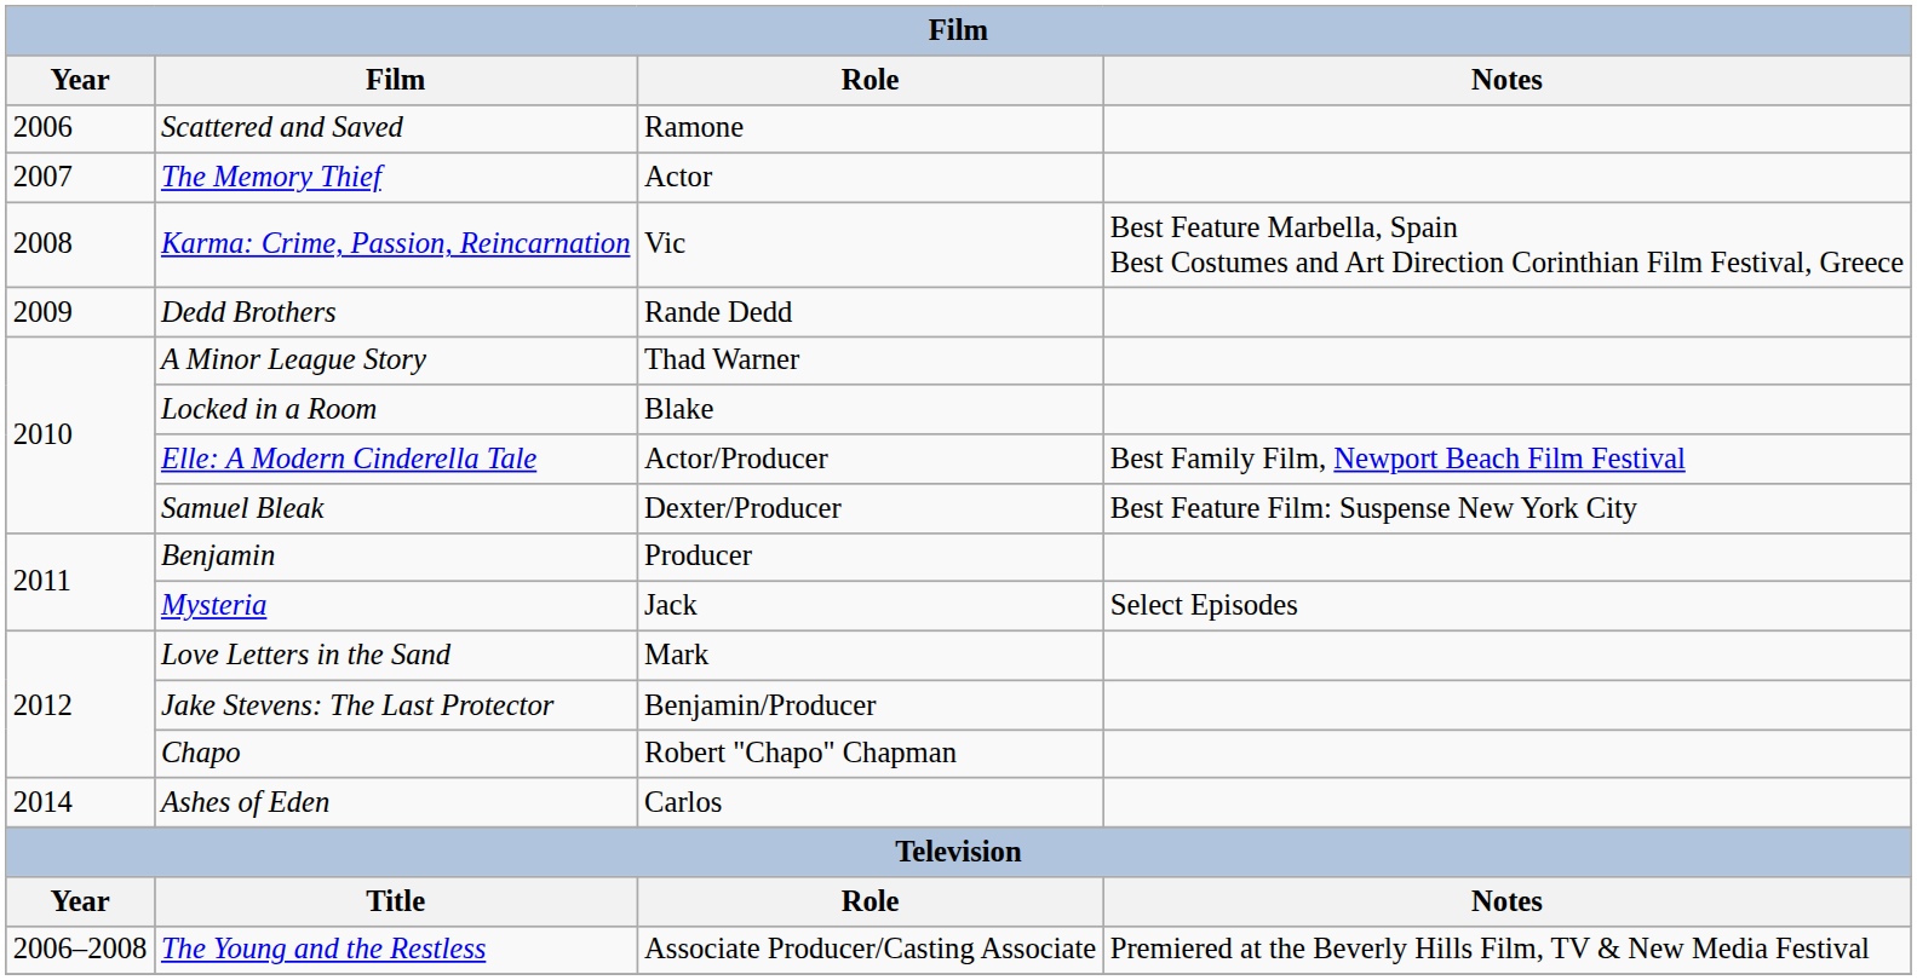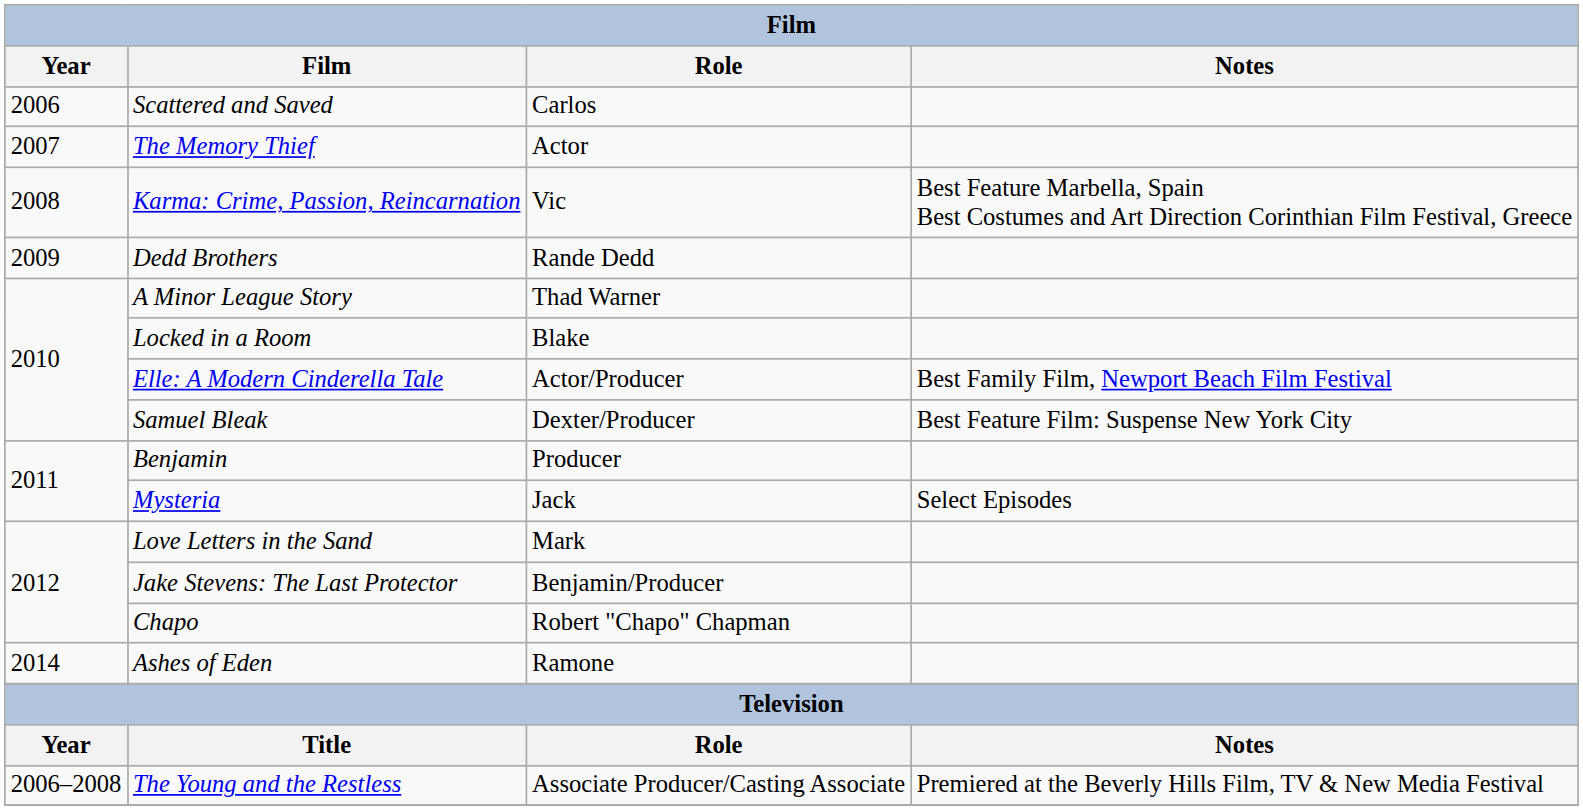 <table class="wikitable" style="font-size: 90%;">
 <tr>
 <th colspan="4" style="background: LightSteelBlue;">Film</th>
 </tr>
 <tr>
 <th>Year</th>
 <th>Film</th>
 <th>Role</th>
 <th>Notes</th>
 </tr>
 <tr>
 <td>2006</td>
 <td><em>Scattered and Saved</em></td>
-<td>Ramone</td>
+<td>Carlos</td>
 <td></td>
 </tr>
 <tr>
 <td>2007</td>
 <td><em><a href='#'>The Memory Thief</a></em></td>
 <td>Actor</td>
 <td></td>
 </tr>
 <tr>
 <td>2008</td>
 <td><em><a href='#'>Karma: Crime, Passion, Reincarnation</a></em></td>
 <td>Vic</td>
 <td>Best Feature Marbella, Spain <br> Best Costumes and Art Direction Corinthian Film Festival, Greece</td>
 </tr>
 <tr>
 <td>2009</td>
 <td><em>Dedd Brothers</em></td>
 <td>Rande Dedd</td>
 <td></td>
 </tr>
 <tr>
 <td rowspan="4">2010</td>
 <td><em>A Minor League Story</em></td>
 <td>Thad Warner</td>
 <td></td>
 </tr>
 <tr>
 <td><em>Locked in a Room</em></td>
 <td>Blake</td>
 <td></td>
 </tr>
 <tr>
 <td><em><a href='#'>Elle: A Modern Cinderella Tale</a></em></td>
 <td>Actor/Producer</td>
 <td>Best Family Film, <a href='#'>Newport Beach Film Festival</a></td>
 </tr>
 <tr>
 <td><em>Samuel Bleak</em></td>
 <td>Dexter/Producer</td>
 <td>Best Feature Film: Suspense New York City</td>
 </tr>
 <tr>
 <td rowspan="2">2011</td>
 <td><em>Benjamin</em></td>
 <td>Producer</td>
 <td></td>
 </tr>
 <tr>
 <td><em><a href='#'>Mysteria</a></em></td>
 <td>Jack</td>
 <td>Select Episodes</td>
 </tr>
 <tr>
 <td rowspan="3">2012</td>
 <td><em>Love Letters in the Sand</em></td>
 <td>Mark</td>
 <td></td>
 </tr>
 <tr>
 <td><em>Jake Stevens: The Last Protector</em></td>
 <td>Benjamin/Producer</td>
 <td></td>
 </tr>
 <tr>
 <td><em>Chapo</em></td>
 <td>Robert "Chapo" Chapman</td>
 <td></td>
 </tr>
 <tr>
 <td>2014</td>
 <td><em>Ashes of Eden</em></td>
-<td>Carlos</td>
+<td>Ramone</td>
 <td></td>
 </tr>
 <tr>
 </tr>
 <tr>
 <th colspan="4" style="background: LightSteelBlue;">Television</th>
 </tr>
 <tr>
 <th>Year</th>
 <th>Title</th>
 <th>Role</th>
 <th>Notes</th>
 </tr>
 <tr>
 <td>2006–2008</td>
 <td><em><a href='#'>The Young and the Restless</a></em></td>
 <td>Associate Producer/Casting Associate</td>
 <td>Premiered at the Beverly Hills Film, TV & New Media Festival</td>
 </tr>
 <tr>
 </tr>
 </table>
